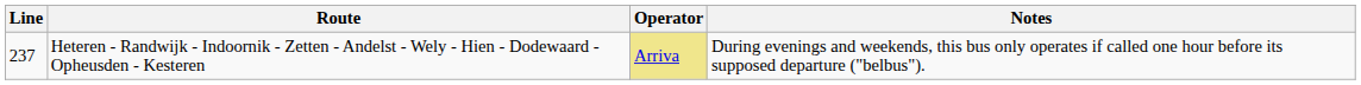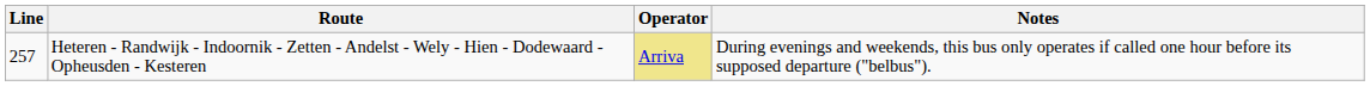 <table class="wikitable">
 <tr>
 <th>Line</th>
 <th>Route</th>
 <th>Operator</th>
 <th>Notes</th>
 </tr>
 <tr>
-<td>237</td>
+<td>257</td>
 <td>Heteren - Randwijk - Indoornik - Zetten - Andelst - Wely - Hien - Dodewaard - Opheusden - Kesteren</td>
 <td style="background: khaki;"><a href='#'>Arriva</a></td>
 <td>During evenings and weekends, this bus only operates if called one hour before its supposed departure ("belbus").</td>
 </tr>
 </table>
